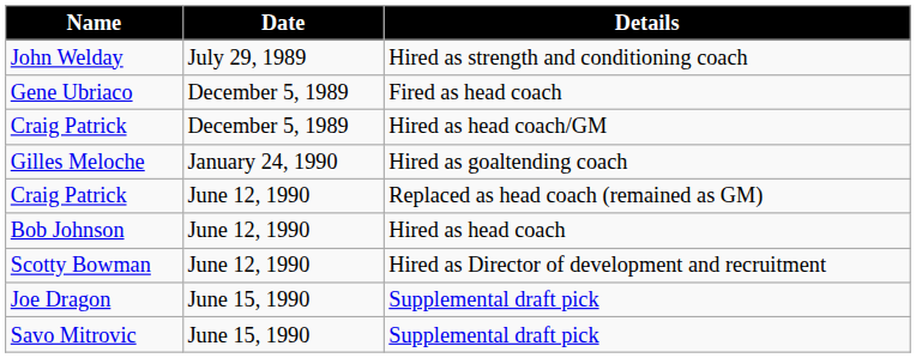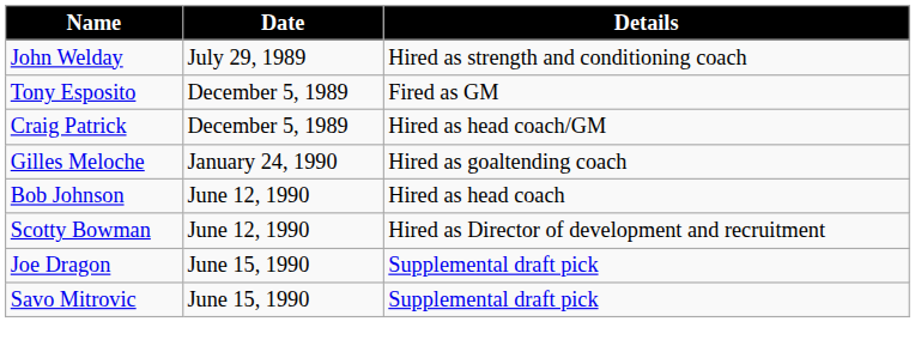 <table class="wikitable" style="width:75%;">
 <tr style="text-align:center; background:#ddd;">
 <th style="color:white; background:#000000; ">Name</th>
 <th style="color:white; background:#000000; ">Date</th>
 <th style="color:white; background:#000000; ">Details</th>
 </tr>
 <tr>
 <td><a href='#'>John Welday</a></td>
 <td>July 29, 1989</td>
 <td>Hired as strength and conditioning coach</td>
 </tr>
 <tr>
-<td><a href='#'>Gene Ubriaco</a></td>
+<td><a href='#'>Tony Esposito</a></td>
 <td>December 5, 1989</td>
-<td>Fired as head coach</td>
+<td>Fired as GM</td>
 </tr>
 <tr>
 <td><a href='#'>Craig Patrick</a></td>
 <td>December 5, 1989</td>
 <td>Hired as head coach/GM</td>
 </tr>
 <tr>
 <td><a href='#'>Gilles Meloche</a></td>
 <td>January 24, 1990</td>
 <td>Hired as goaltending coach</td>
-</tr>
-<tr>
-<td><a href='#'>Craig Patrick</a></td>
-<td>June 12, 1990</td>
-<td>Replaced as head coach (remained as GM)</td>
 </tr>
 <tr>
 <td><a href='#'>Bob Johnson</a></td>
 <td>June 12, 1990</td>
 <td>Hired as head coach</td>
 </tr>
 <tr>
 <td><a href='#'>Scotty Bowman</a></td>
 <td>June 12, 1990</td>
 <td>Hired as Director of development and recruitment</td>
 </tr>
 <tr>
 <td><a href='#'>Joe Dragon</a></td>
 <td>June 15, 1990</td>
 <td><a href='#'>Supplemental draft pick</a></td>
 </tr>
 <tr>
 <td><a href='#'>Savo Mitrovic</a></td>
 <td>June 15, 1990</td>
 <td><a href='#'>Supplemental draft pick</a></td>
 </tr>
 </table>
